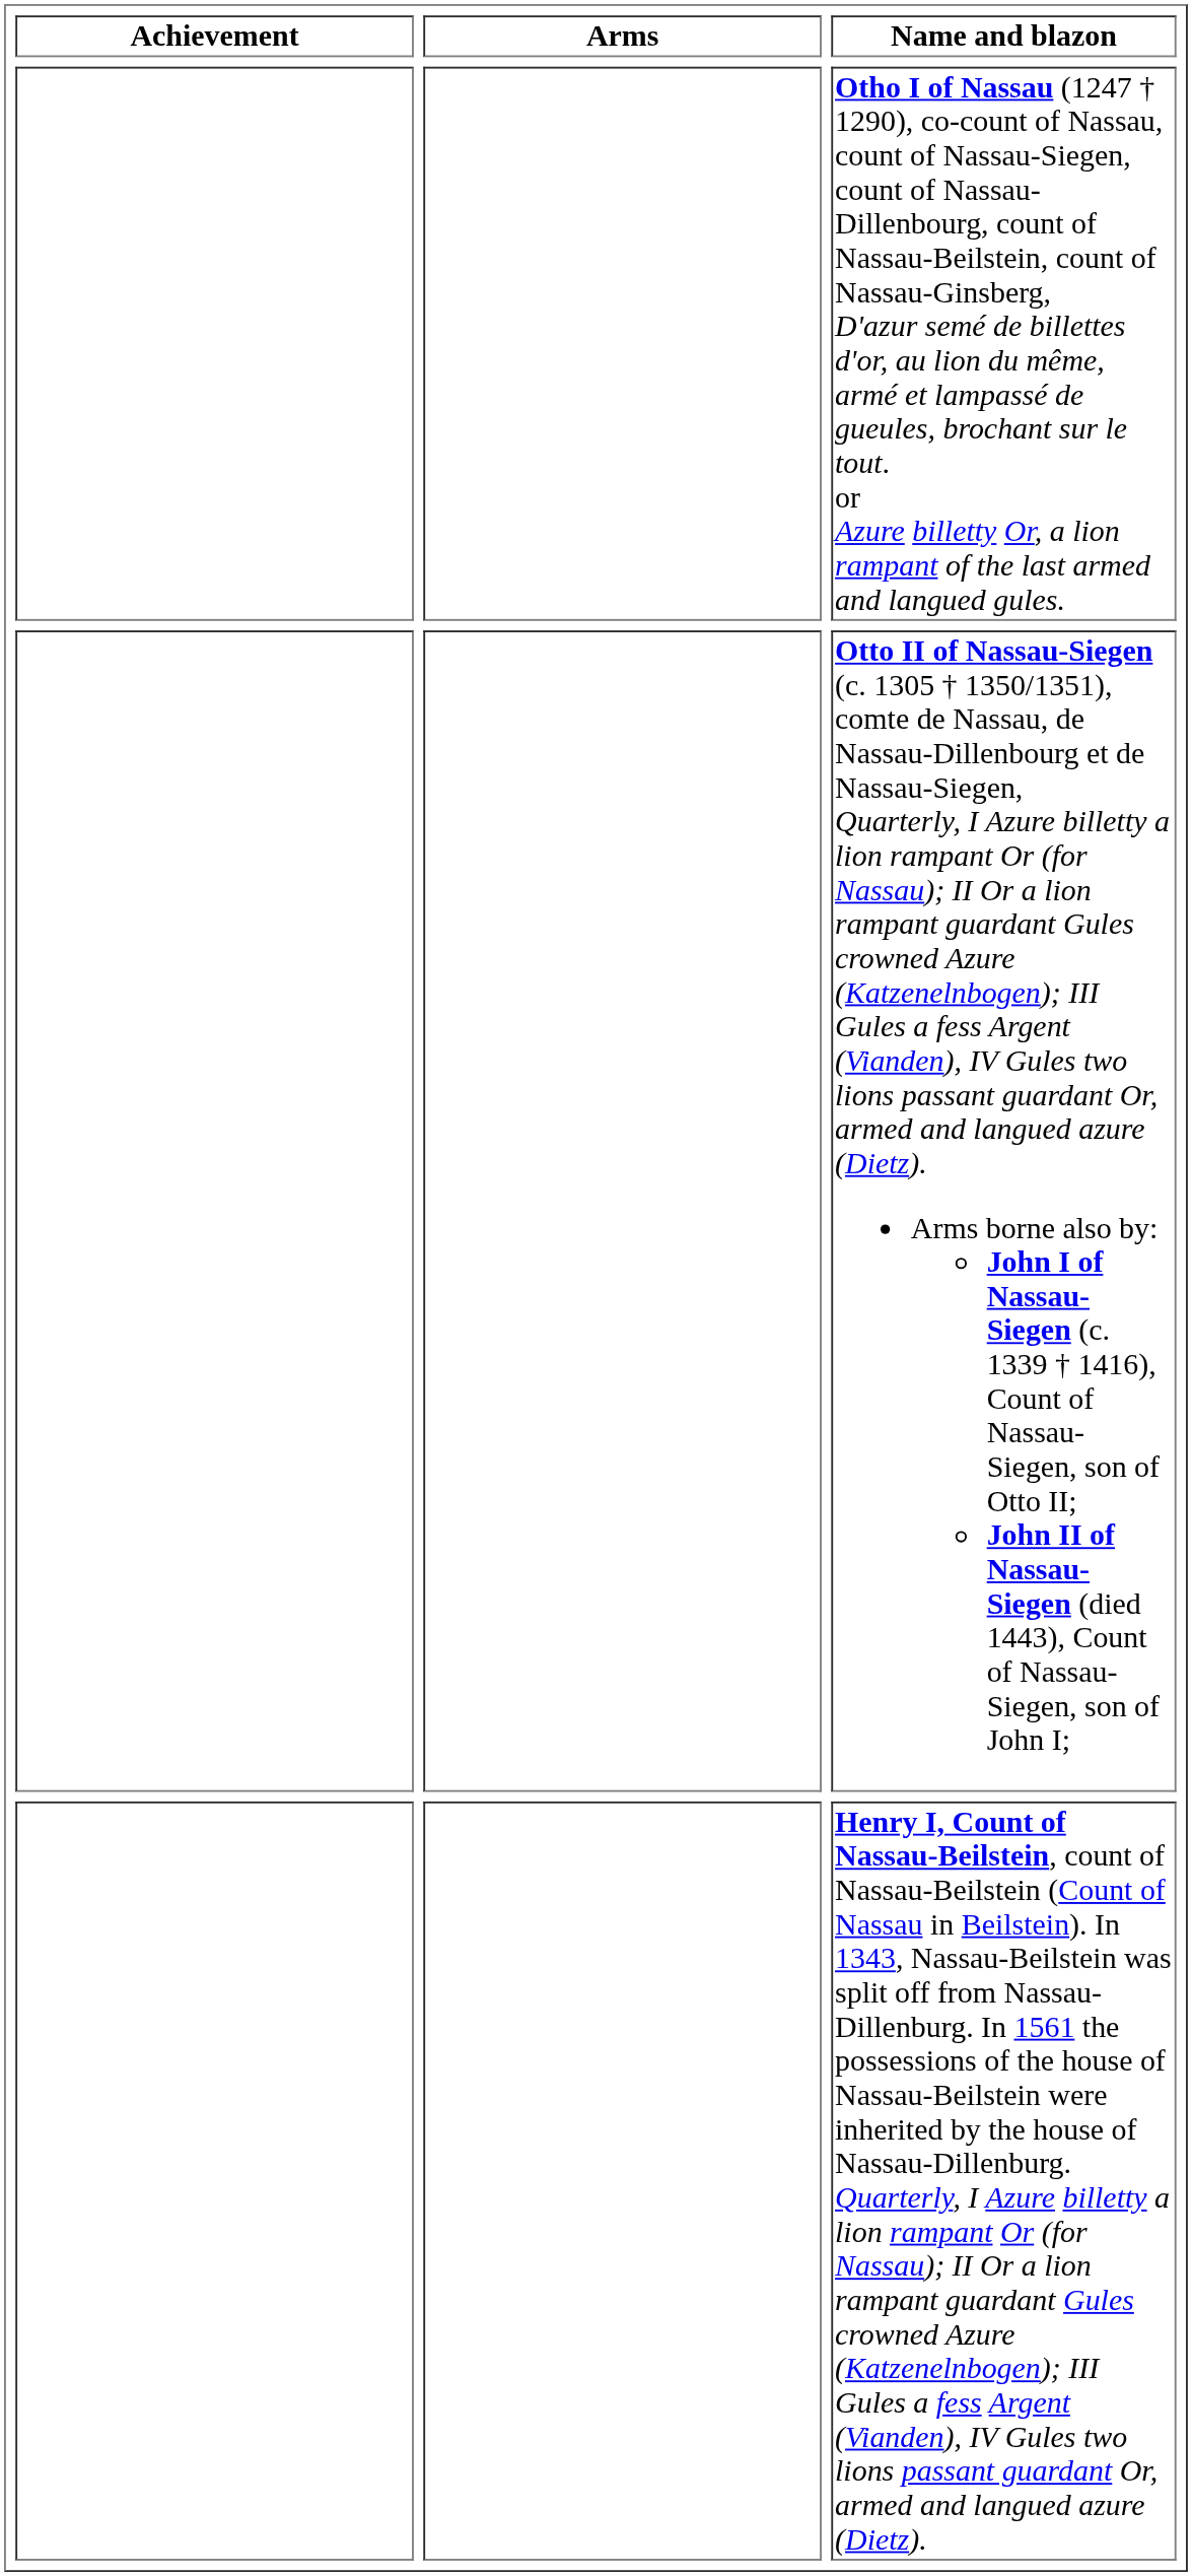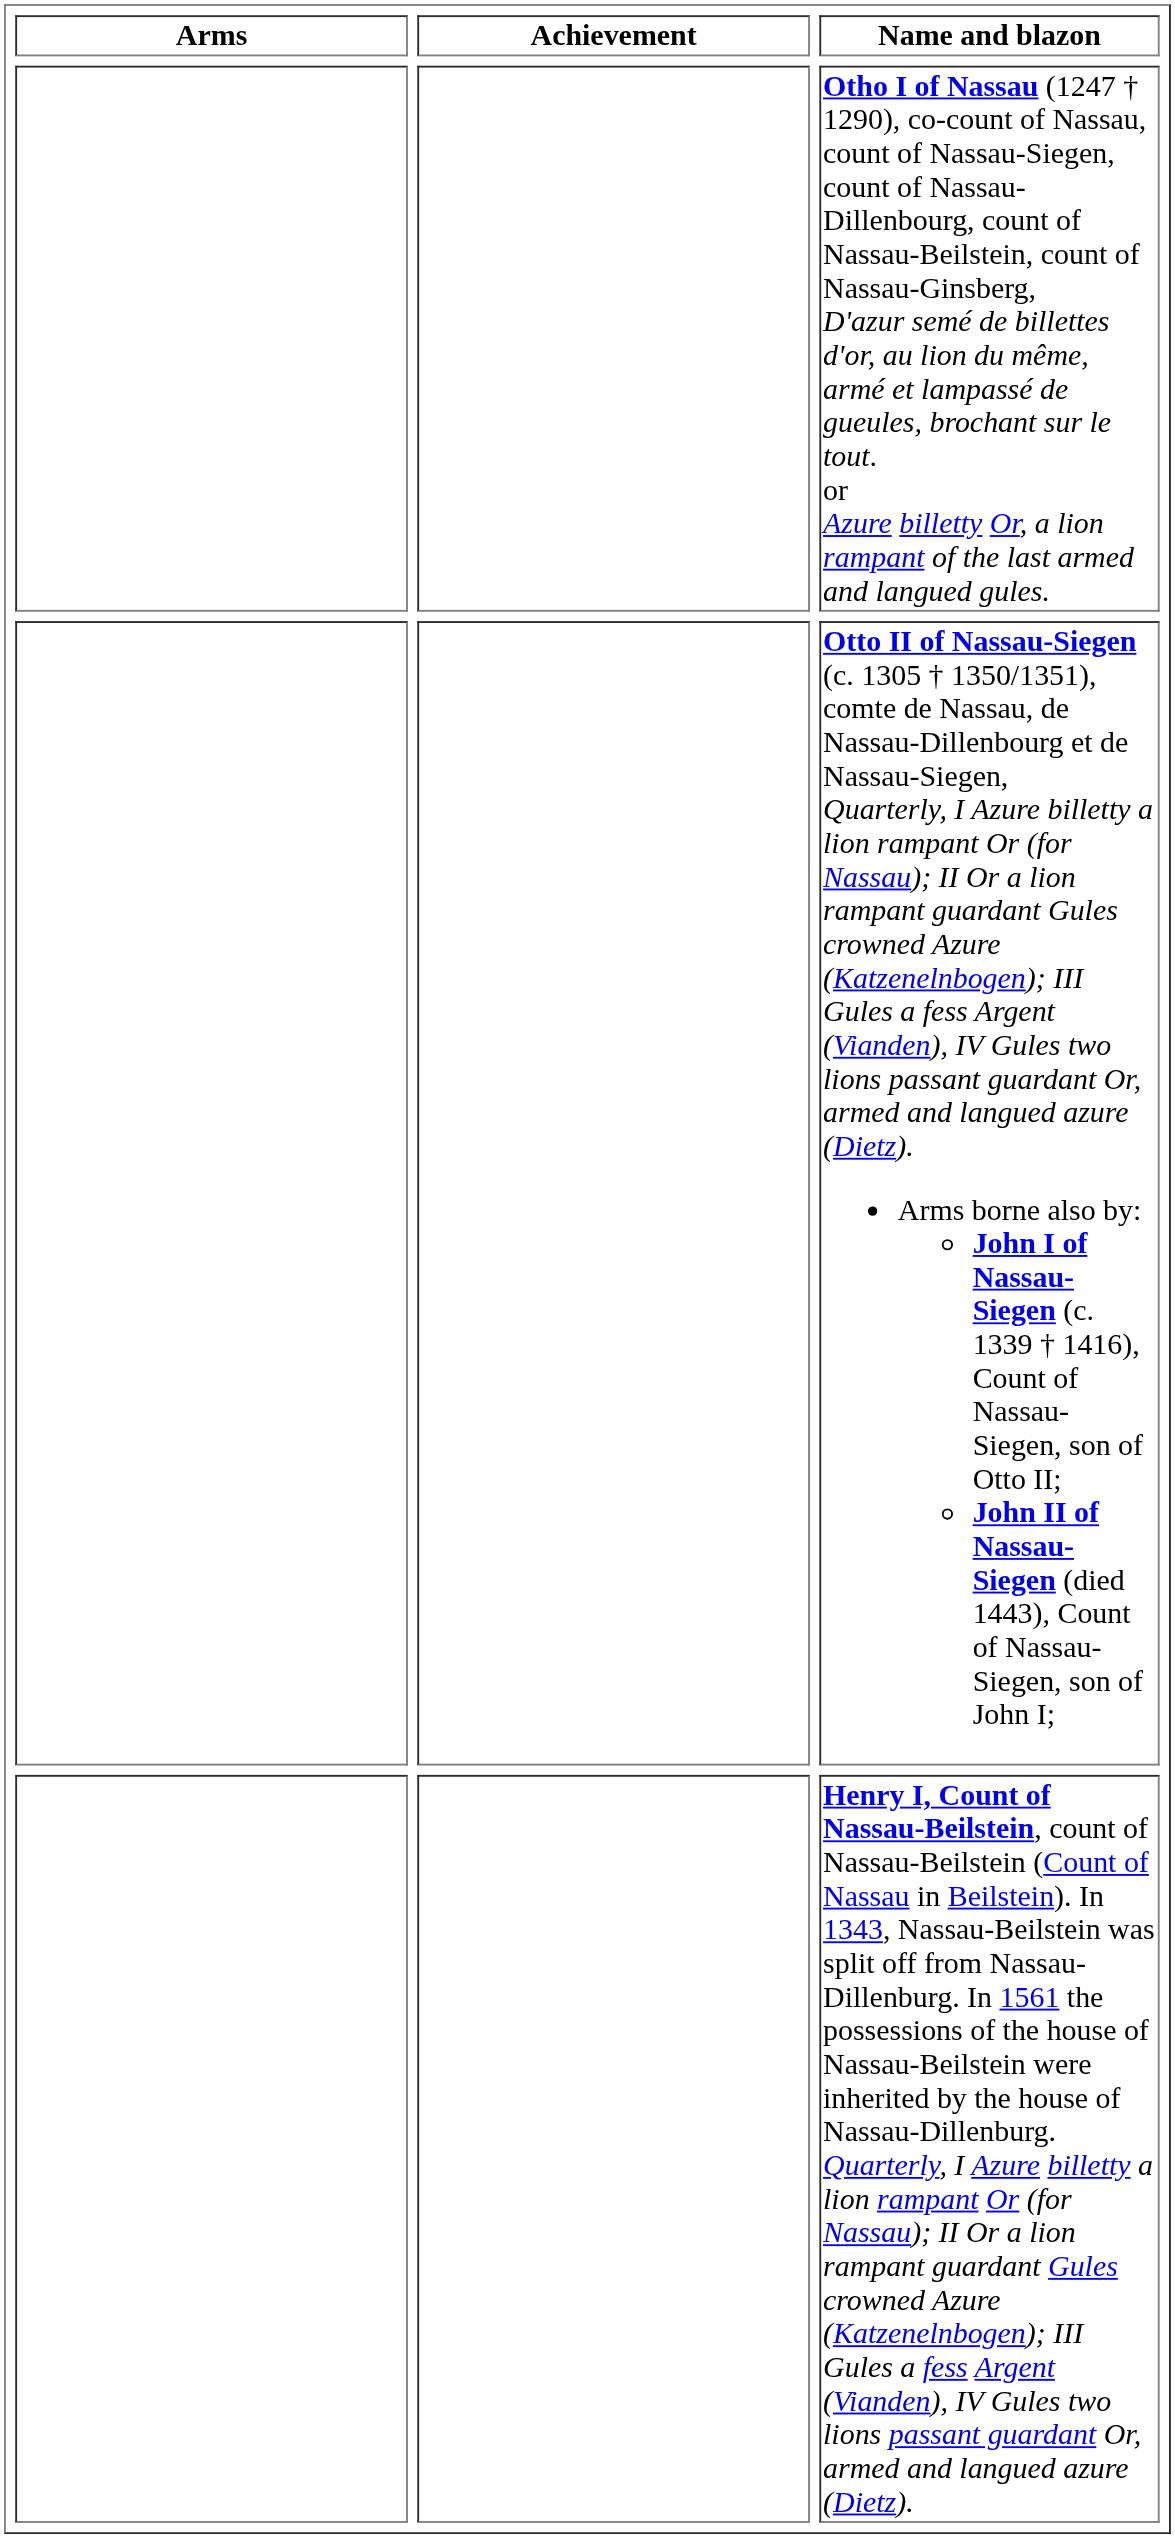 <table border=1 cellspacing=5 width="100%">
 <tr valign=top align=center>
+<td width="206"><strong>Arms</strong></td>
 <td width="206"><strong>Achievement</strong></td>
-<td width="206"><strong>Arms</strong></td>
 <td><strong>Name and blazon</strong></td>
 </tr>
 <tr valign=top>
 <td align=center><br><br> </td>
 <td align=center><br><br> </td>
 <td><strong><a href='#'>Otho I of Nassau</a></strong> (1247 † 1290), co-count of Nassau, count of Nassau-Siegen, count of Nassau-Dillenbourg, count of Nassau-Beilstein, count of Nassau-Ginsberg,<br><em>D'azur semé de billettes d'or, au lion du même, armé et lampassé de gueules, brochant sur le tout</em>.<br>or<br><em><a href='#'>Azure</a> <a href='#'>billetty</a> <a href='#'>Or</a>, a lion <a href='#'>rampant</a> of the last armed and langued gules.</em></td>
 </tr>
 <tr valign=top>
+<td align=center><br><br> </td>
 <td align=center></td>
-<td align=center><br><br> </td>
 <td><strong><a href='#'>Otto II of Nassau-Siegen</a></strong> (c. 1305 † 1350/1351), comte de Nassau, de Nassau-Dillenbourg et de Nassau-Siegen,<br><em> Quarterly, I Azure billetty a lion rampant Or (for <a href='#'>Nassau</a>); II Or a lion rampant guardant Gules crowned Azure (<a href='#'>Katzenelnbogen</a>); III Gules a fess Argent (<a href='#'>Vianden</a>), IV Gules two lions passant guardant Or, armed and langued azure (<a href='#'>Dietz</a>).</em><ul><li>Arms borne also by:<ul><li><strong><a href='#'>John I of Nassau-Siegen</a></strong> (c. 1339 † 1416), Count of Nassau-Siegen, son of Otto II;</li><li><strong><a href='#'>John II of Nassau-Siegen</a></strong> (died 1443), Count of Nassau-Siegen, son of John I;</li></ul></li></ul></td>
 </tr>
 <tr valign=top>
+<td align=center><br><br> </td>
 <td align=center></td>
-<td align=center><br><br> </td>
 <td><strong><a href='#'>Henry I, Count of Nassau-Beilstein</a></strong>, count of Nassau-Beilstein (<a href='#'>Count of Nassau</a> in <a href='#'>Beilstein</a>).  In <a href='#'>1343</a>, Nassau-Beilstein was split off from Nassau-Dillenburg.  In <a href='#'>1561</a> the possessions of the house of Nassau-Beilstein were inherited by the house of Nassau-Dillenburg.<br><em><a href='#'>Quarterly</a>, I <a href='#'>Azure</a> <a href='#'>billetty</a> a lion <a href='#'>rampant</a> <a href='#'>Or</a> (for <a href='#'>Nassau</a>); II Or a lion rampant guardant <a href='#'>Gules</a> crowned Azure (<a href='#'>Katzenelnbogen</a>); III Gules a <a href='#'>fess</a> <a href='#'>Argent</a> (<a href='#'>Vianden</a>), IV Gules two lions <a href='#'>passant guardant</a> Or, armed and langued azure (<a href='#'>Dietz</a>).</em></td>
 </tr>
 </table>
